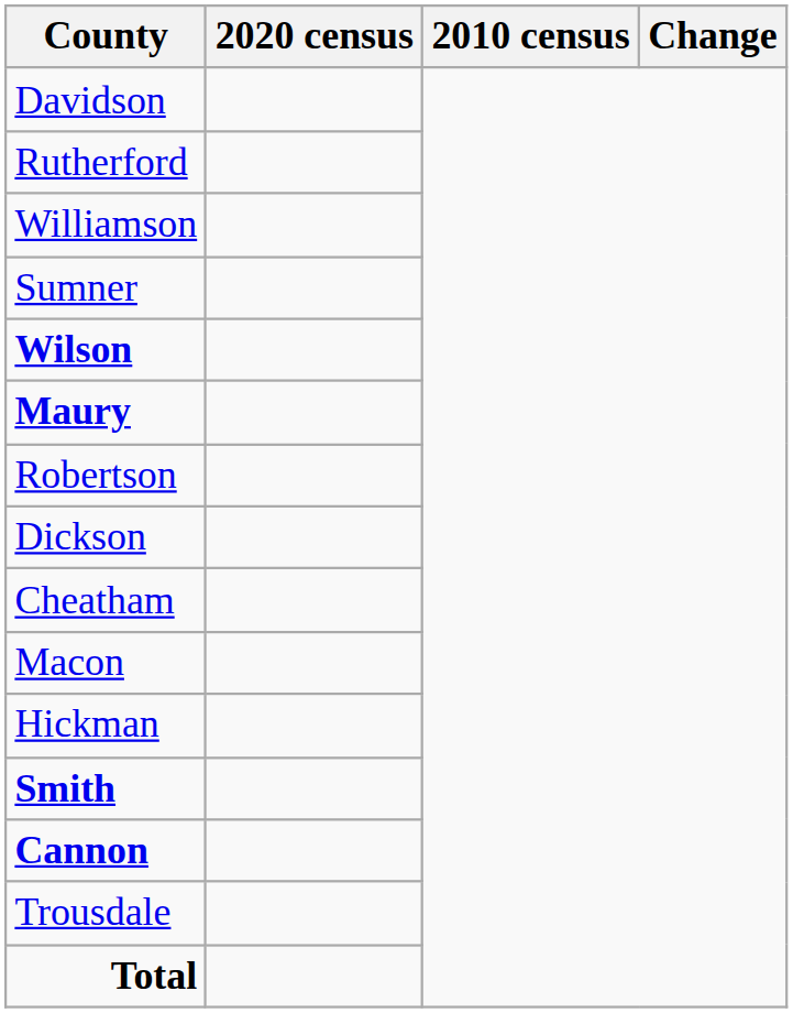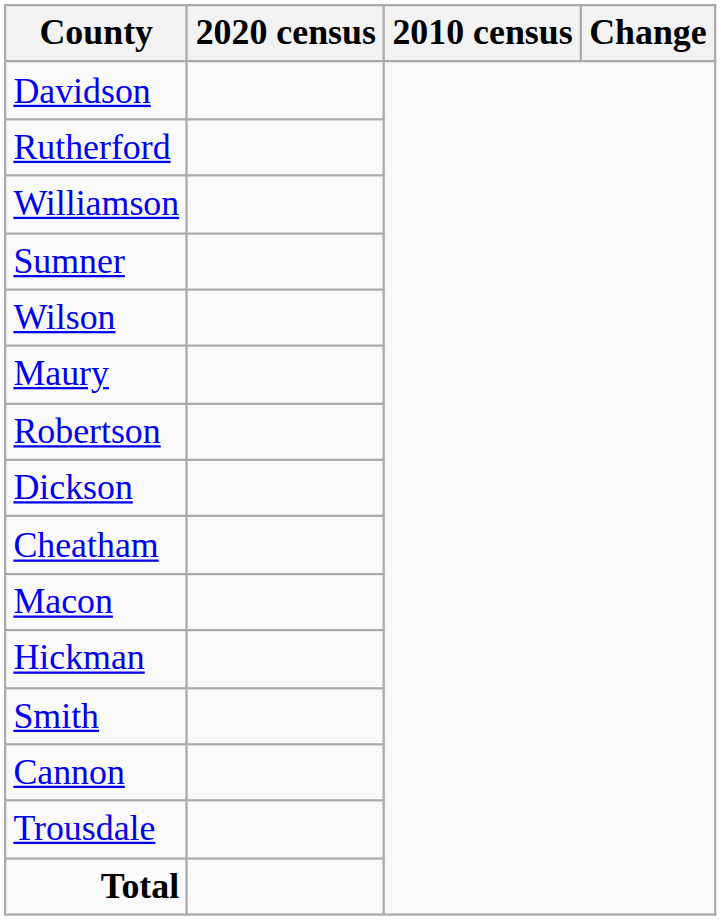 <table class="wikitable sortable">
 <tr>
 <th>County</th>
 <th>2020 census</th>
 <th>2010 census</th>
 <th>Change</th>
 </tr>
 <tr>
 <td><a href='#'>Davidson</a></td>
 <td></td>
 </tr>
 <tr>
 <td><a href='#'>Rutherford</a></td>
 <td></td>
 </tr>
 <tr>
 <td><a href='#'>Williamson</a></td>
 <td></td>
 </tr>
 <tr>
 <td><a href='#'>Sumner</a></td>
 <td></td>
 </tr>
 <tr>
-<td><strong><a href='#'>Wilson</a></strong></td>
+<td><a href='#'>Wilson</a></td>
 <td></td>
 </tr>
 <tr>
-<td><strong><a href='#'>Maury</a></strong></td>
+<td><a href='#'>Maury</a></td>
 <td></td>
 </tr>
 <tr>
 <td><a href='#'>Robertson</a></td>
 <td></td>
 </tr>
 <tr>
 <td><a href='#'>Dickson</a></td>
 <td></td>
 </tr>
 <tr>
 <td><a href='#'>Cheatham</a></td>
 <td></td>
 </tr>
 <tr>
 <td><a href='#'>Macon</a></td>
 <td></td>
 </tr>
 <tr>
 <td><a href='#'>Hickman</a></td>
 <td></td>
 </tr>
 <tr>
-<td><strong><a href='#'>Smith</a></strong></td>
+<td><a href='#'>Smith</a></td>
 <td></td>
 </tr>
 <tr>
-<td><strong><a href='#'>Cannon</a></strong></td>
+<td><a href='#'>Cannon</a></td>
 <td></td>
 </tr>
 <tr>
 <td><a href='#'>Trousdale</a></td>
 <td></td>
 </tr>
 <tr class=sortbottom>
 <td align=right><strong>Total</strong></td>
 <td></td>
 </tr>
 </table>
